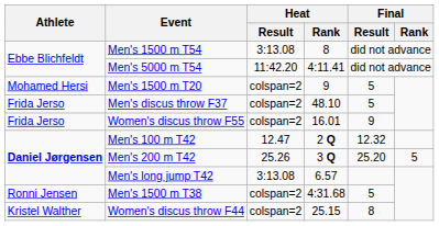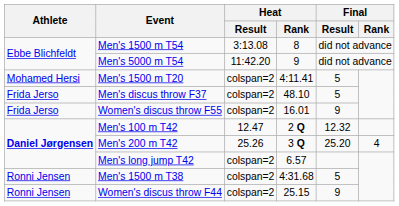 <table class=wikitable style="font-size:90%;">
 <tr>
 <th rowspan="2">Athlete</th>
 <th rowspan="2">Event</th>
 <th colspan="2">Heat</th>
 <th colspan="2">Final</th>
 </tr>
 <tr>
 <th>Result</th>
 <th>Rank</th>
 <th>Result</th>
 <th>Rank</th>
 </tr>
 <tr>
 <td rowspan=2><a href='#'>Ebbe Blichfeldt</a></td>
 <td><a href='#'>Men's 1500 m T54</a></td>
 <td align=center>3:13.08</td>
 <td align=center>8</td>
 <td colspan=2>did not advance</td>
 </tr>
 <tr>
 <td><a href='#'>Men's 5000 m T54</a></td>
 <td align=center>11:42.20</td>
-<td align=center>4:11.41</td>
+<td align=center>9</td>
 <td colspan=2>did not advance</td>
 </tr>
 <tr>
 <td><a href='#'>Mohamed Hersi</a></td>
 <td><a href='#'>Men's 1500 m T20</a></td>
 <td>colspan=2 </td>
-<td align=center>9</td>
+<td align=center>4:11.41</td>
 <td align=center>5</td>
 </tr>
 <tr>
 <td><a href='#'>Frida Jerso</a></td>
 <td><a href='#'>Men's discus throw F37</a></td>
 <td>colspan=2 </td>
 <td align=center>48.10</td>
 <td align=center>5</td>
 </tr>
 <tr>
 <td><a href='#'>Frida Jerso</a></td>
 <td><a href='#'>Women's discus throw F55</a></td>
 <td>colspan=2 </td>
 <td align=center>16.01</td>
 <td align=center>9</td>
 </tr>
 <tr>
 <td rowspan=3><strong><a href='#'>Daniel Jørgensen</a></strong></td>
 <td><a href='#'>Men's 100 m T42</a></td>
 <td align=center>12.47</td>
 <td align=center>2 <strong>Q</strong></td>
 <td align=center>12.32</td>
 <td align=center></td>
 </tr>
 <tr>
 <td><a href='#'>Men's 200 m T42</a></td>
 <td align=center>25.26</td>
 <td align=center>3 <strong>Q</strong></td>
 <td align=center>25.20</td>
-<td align=center>5</td>
+<td align=center>4</td>
 </tr>
 <tr>
 <td><a href='#'>Men's long jump T42</a></td>
-<td align=center>3:13.08</td>
+<td>colspan=2 </td>
 <td align=center>6.57</td>
 <td align=center></td>
 </tr>
 <tr>
 <td><a href='#'>Ronni Jensen</a></td>
 <td><a href='#'>Men's 1500 m T38</a></td>
 <td>colspan=2 </td>
 <td align=center>4:31.68</td>
 <td align=center>5</td>
 </tr>
 <tr>
-<td><a href='#'>Kristel Walther</a></td>
+<td><a href='#'>Ronni Jensen</a></td>
 <td><a href='#'>Women's discus throw F44</a></td>
 <td>colspan=2 </td>
 <td align=center>25.15</td>
-<td align=center>8</td>
+<td align=center>9</td>
 </tr>
 </table>
